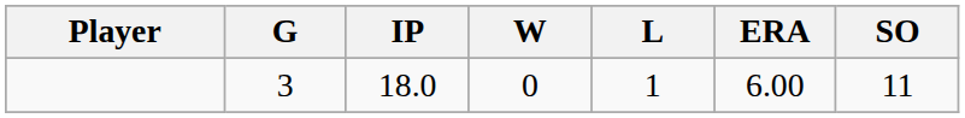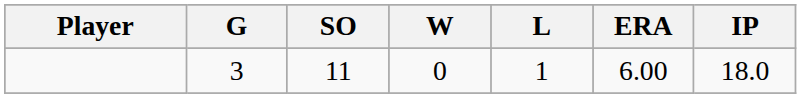 <table class="wikitable sortable">
 <tr>
 <th bgcolor="#DDDDFF" width="16%">Player</th>
 <th bgcolor="#DDDDFF" width="9%">G</th>
-<th bgcolor="#DDDDFF" width="9%">IP</th>
+<th bgcolor="#DDDDFF" width="9%">SO</th>
 <th bgcolor="#DDDDFF" width="9%">W</th>
 <th bgcolor="#DDDDFF" width="9%">L</th>
 <th bgcolor="#DDDDFF" width="9%">ERA</th>
-<th bgcolor="#DDDDFF" width="9%">SO</th>
+<th bgcolor="#DDDDFF" width="9%">IP</th>
 </tr>
 <tr align="center">
 <td></td>
 <td>3</td>
-<td>18.0</td>
+<td>11</td>
 <td>0</td>
 <td>1</td>
 <td>6.00</td>
-<td>11</td>
+<td>18.0</td>
 </tr>
 </table>
